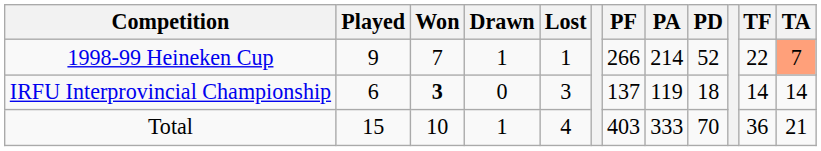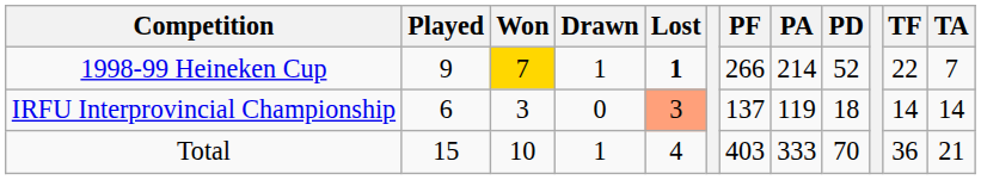 <table class="wikitable">
 <tr>
 <th>Competition</th>
 <th>Played</th>
 <th>Won</th>
 <th>Drawn</th>
 <th>Lost</th>
 <th rowspan="4"></th>
 <th>PF</th>
 <th>PA</th>
 <th>PD</th>
 <th rowspan="4"></th>
 <th>TF</th>
 <th>TA</th>
 </tr>
 <tr align=center>
 <td><a href='#'>1998-99 Heineken Cup</a></td>
 <td>9</td>
-<td>7</td>
+<td style="background: gold;">7</td>
 <td>1</td>
-<td>1</td>
+<td><strong>1</strong></td>
 <td>266</td>
 <td>214</td>
 <td>52</td>
 <td>22</td>
-<td style="background: lightsalmon;">7</td>
+<td>7</td>
 </tr>
 <tr align=center>
 <td><a href='#'>IRFU Interprovincial Championship</a></td>
 <td>6</td>
-<td><strong>3</strong></td>
+<td>3</td>
 <td>0</td>
-<td>3</td>
+<td style="background: lightsalmon;">3</td>
 <td>137</td>
 <td>119</td>
 <td>18</td>
 <td>14</td>
 <td>14</td>
 </tr>
 <tr align=center>
 <td>Total</td>
 <td>15</td>
 <td>10</td>
 <td>1</td>
 <td>4</td>
 <td>403</td>
 <td>333</td>
 <td>70</td>
 <td>36</td>
 <td>21</td>
 </tr>
 </table>
